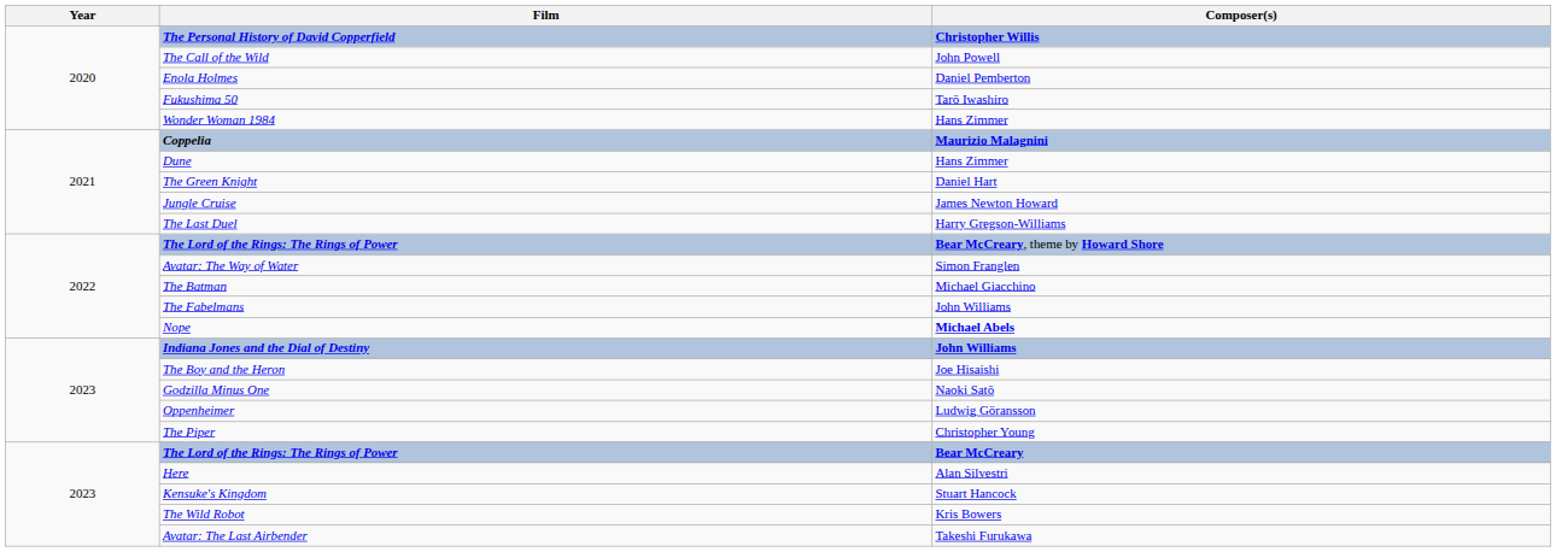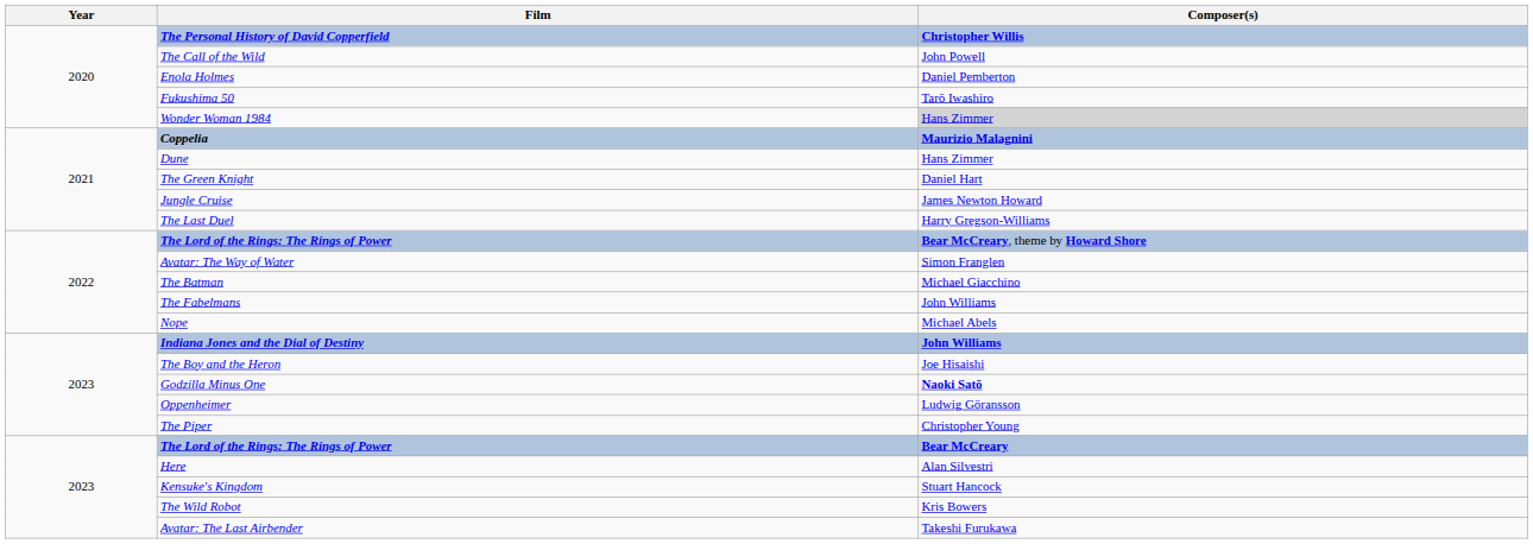 <table class="wikitable" width="95%" cellpadding="5">
 <tr>
 <th width="10%">Year</th>
 <th width="50%">Film</th>
 <th width="40%">Composer(s)</th>
 </tr>
 <tr>
 <td rowspan="5" style="text-align:center;">2020<br></td>
 <td style="background:#B0C4DE;"><strong><em><a href='#'>The Personal History of David Copperfield</a></em></strong></td>
 <td style="background:#B0C4DE;"><strong><a href='#'>Christopher Willis</a></strong></td>
 </tr>
 <tr>
 <td><em><a href='#'>The Call of the Wild</a></em></td>
 <td><a href='#'>John Powell</a></td>
 </tr>
 <tr>
 <td><em><a href='#'>Enola Holmes</a></em></td>
 <td><a href='#'>Daniel Pemberton</a></td>
 </tr>
 <tr>
 <td><em><a href='#'>Fukushima 50</a></em></td>
 <td><a href='#'>Tarō Iwashiro</a></td>
 </tr>
 <tr>
 <td><em><a href='#'>Wonder Woman 1984</a></em></td>
-<td><a href='#'>Hans Zimmer</a></td>
+<td style="background: lightgrey;"><a href='#'>Hans Zimmer</a></td>
 </tr>
 <tr>
 <td rowspan="5" style="text-align:center;">2021<br></td>
 <td style="background:#B0C4DE;"><strong><em>Coppelia</em></strong></td>
 <td style="background:#B0C4DE;"><strong><a href='#'>Maurizio Malagnini</a></strong></td>
 </tr>
 <tr>
 <td><em><a href='#'>Dune</a></em></td>
 <td><a href='#'>Hans Zimmer</a></td>
 </tr>
 <tr>
 <td><em><a href='#'>The Green Knight</a></em></td>
 <td><a href='#'>Daniel Hart</a></td>
 </tr>
 <tr>
 <td><em><a href='#'>Jungle Cruise</a></em></td>
 <td><a href='#'>James Newton Howard</a></td>
 </tr>
 <tr>
 <td><em><a href='#'>The Last Duel</a></em></td>
 <td><a href='#'>Harry Gregson-Williams</a></td>
 </tr>
 <tr>
 <td rowspan="5" style="text-align:center;">2022<br></td>
 <td style="background:#B0C4DE;"><strong><em><a href='#'>The Lord of the Rings: The Rings of Power</a></em></strong></td>
 <td style="background:#B0C4DE;"><strong><a href='#'>Bear McCreary</a></strong>, theme by <strong><a href='#'>Howard Shore</a></strong></td>
 </tr>
 <tr>
 <td><em><a href='#'>Avatar: The Way of Water</a></em></td>
 <td><a href='#'>Simon Franglen</a></td>
 </tr>
 <tr>
 <td><em><a href='#'>The Batman</a></em></td>
 <td><a href='#'>Michael Giacchino</a></td>
 </tr>
 <tr>
 <td><em><a href='#'>The Fabelmans</a></em></td>
 <td><a href='#'>John Williams</a></td>
 </tr>
 <tr>
 <td><em><a href='#'>Nope</a></em></td>
-<td><strong><a href='#'>Michael Abels</a></strong></td>
+<td><a href='#'>Michael Abels</a></td>
 </tr>
 <tr>
 <td rowspan="5" style="text-align:center;">2023<br></td>
 <td style="background:#B0C4DE;"><strong><em><a href='#'>Indiana Jones and the Dial of Destiny</a></em></strong></td>
 <td style="background:#B0C4DE;"><strong><a href='#'>John Williams</a></strong></td>
 </tr>
 <tr>
 <td><em><a href='#'>The Boy and the Heron</a></em></td>
 <td><a href='#'>Joe Hisaishi</a></td>
 </tr>
 <tr>
 <td><em><a href='#'>Godzilla Minus One</a></em></td>
-<td><a href='#'>Naoki Satō</a></td>
+<td><strong><a href='#'>Naoki Satō</a></strong></td>
 </tr>
 <tr>
 <td><em><a href='#'>Oppenheimer</a></em></td>
 <td><a href='#'>Ludwig Göransson</a></td>
 </tr>
 <tr>
 <td><em><a href='#'>The Piper</a></em></td>
 <td><a href='#'>Christopher Young</a></td>
 </tr>
 <tr>
 <td rowspan="5" style="text-align:center;">2023<br></td>
 <td style="background:#B0C4DE;"><strong><em><a href='#'>The Lord of the Rings: The Rings of Power</a></em></strong></td>
 <td style="background:#B0C4DE;"><strong><a href='#'>Bear McCreary</a></strong></td>
 </tr>
 <tr>
 <td><em><a href='#'>Here</a></em></td>
 <td><a href='#'>Alan Silvestri</a></td>
 </tr>
 <tr>
 <td><em><a href='#'>Kensuke's Kingdom</a></em></td>
 <td><a href='#'>Stuart Hancock</a></td>
 </tr>
 <tr>
 <td><em><a href='#'>The Wild Robot</a></em></td>
 <td><a href='#'>Kris Bowers</a></td>
 </tr>
 <tr>
 <td><em><a href='#'>Avatar: The Last Airbender</a></em></td>
 <td><a href='#'>Takeshi Furukawa</a></td>
 </tr>
 </table>
